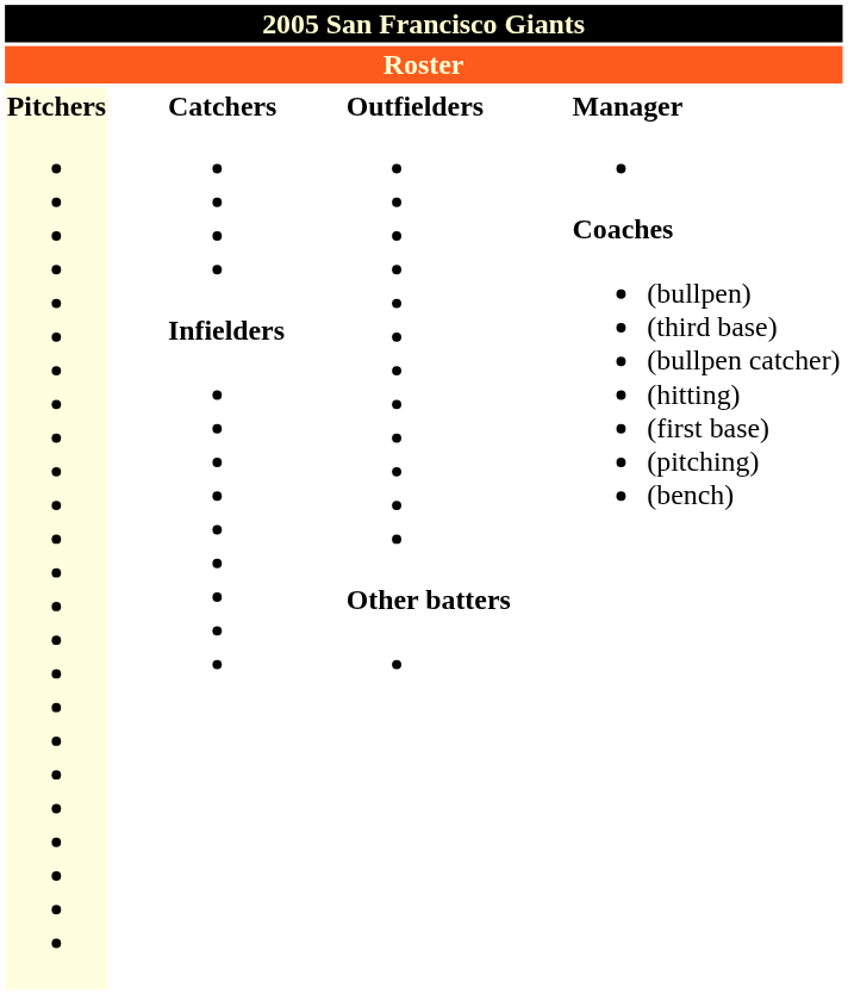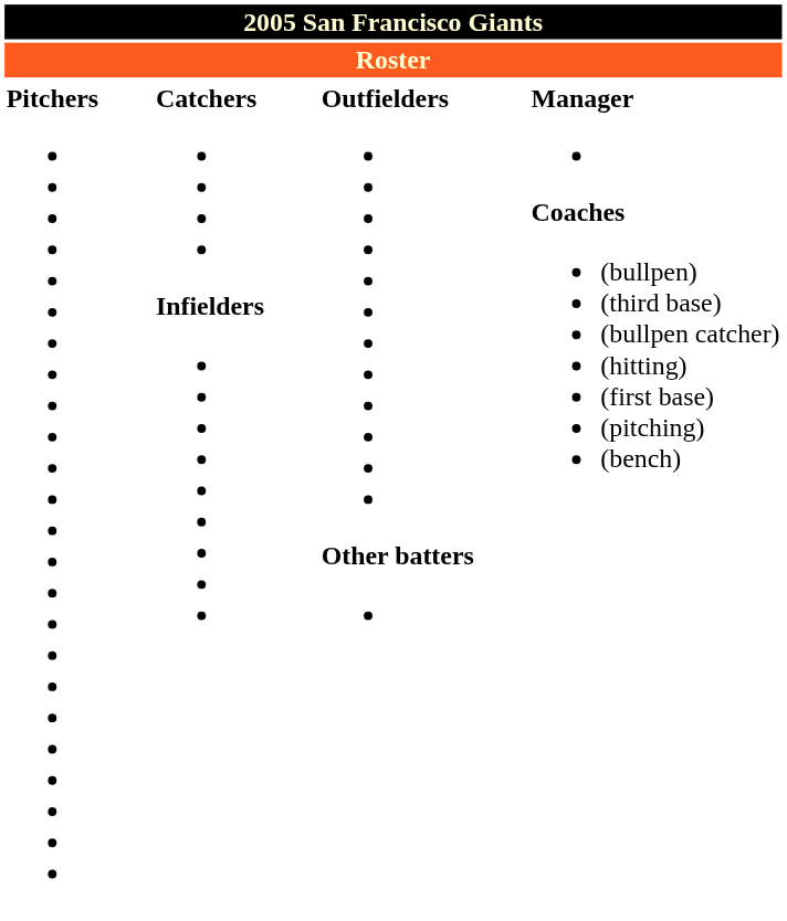 <table class="toccolours" style="font-size: 95%;">
 <tr>
 <th colspan="10" style="background-color: black; color: #FFFDD0; text-align: center;">2005 San Francisco Giants</th>
 </tr>
 <tr>
 <td colspan="10" style="background-color: #fd5a1e; color: #FFFDD0; text-align: center;"><strong>Roster</strong></td>
 </tr>
 <tr>
-<td valign="top" style="background: lightyellow;"><strong>Pitchers</strong><br><ul><li></li><li></li><li></li><li></li><li></li><li></li><li></li><li></li><li></li><li></li><li></li><li></li><li></li><li></li><li></li><li></li><li></li><li></li><li></li><li></li><li></li><li></li><li></li><li></li></ul></td>
+<td valign="top"><strong>Pitchers</strong><br><ul><li></li><li></li><li></li><li></li><li></li><li></li><li></li><li></li><li></li><li></li><li></li><li></li><li></li><li></li><li></li><li></li><li></li><li></li><li></li><li></li><li></li><li></li><li></li><li></li></ul></td>
 <td width="25px"></td>
 <td valign="top"><strong>Catchers</strong><br><ul><li></li><li></li><li></li><li></li></ul><strong>Infielders</strong><ul><li></li><li></li><li></li><li></li><li></li><li></li><li></li><li></li><li></li></ul></td>
 <td width="25px"></td>
 <td valign="top"><strong>Outfielders</strong><br><ul><li></li><li></li><li></li><li></li><li></li><li></li><li></li><li></li><li></li><li></li><li></li><li></li></ul><strong>Other batters</strong><ul><li></li></ul></td>
 <td width="25px"></td>
 <td valign="top"><strong>Manager</strong><br><ul><li></li></ul><strong>Coaches</strong><ul><li> (bullpen)</li><li> (third base)</li><li> (bullpen catcher)</li><li> (hitting)</li><li> (first base)</li><li> (pitching)</li><li> (bench)</li></ul></td>
 </tr>
 <tr>
 </tr>
 </table>
